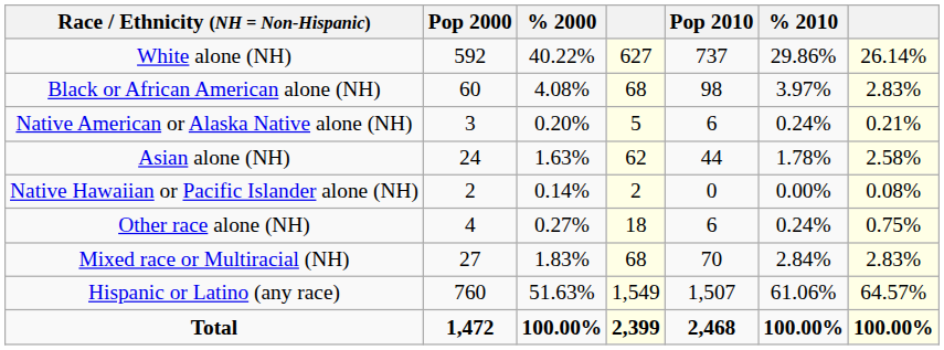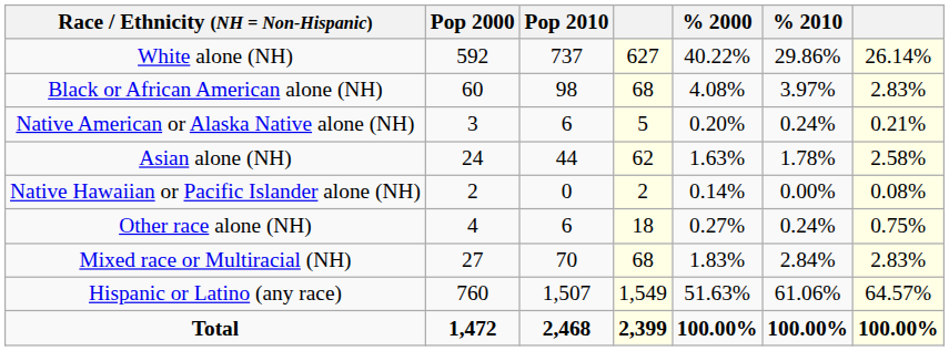 <table class="wikitable" style="text-align:center;">
 <tr>
 <th>Race / Ethnicity <small>(<em>NH = Non-Hispanic</em>)</small></th>
 <th>Pop 2000</th>
+<th>Pop 2010</th>
+<th></th>
 <th>% 2000</th>
-<th></th>
-<th>Pop 2010</th>
 <th>% 2010</th>
 <th></th>
 </tr>
 <tr>
 <td><a href='#'>White</a> alone (NH)</td>
 <td>592</td>
+<td>737</td>
+<td style='background: #ffffe6;'>627</td>
 <td>40.22%</td>
-<td style='background: #ffffe6;'>627</td>
-<td>737</td>
 <td>29.86%</td>
 <td style='background: #ffffe6;'>26.14%</td>
 </tr>
 <tr>
 <td><a href='#'>Black or African American</a> alone (NH)</td>
 <td>60</td>
+<td>98</td>
+<td style='background: #ffffe6;'>68</td>
 <td>4.08%</td>
-<td style='background: #ffffe6;'>68</td>
-<td>98</td>
 <td>3.97%</td>
 <td style='background: #ffffe6;'>2.83%</td>
 </tr>
 <tr>
 <td><a href='#'>Native American</a> or <a href='#'>Alaska Native</a> alone (NH)</td>
 <td>3</td>
+<td>6</td>
+<td style='background: #ffffe6;'>5</td>
 <td>0.20%</td>
-<td style='background: #ffffe6;'>5</td>
-<td>6</td>
 <td>0.24%</td>
 <td style='background: #ffffe6;'>0.21%</td>
 </tr>
 <tr>
 <td><a href='#'>Asian</a> alone (NH)</td>
 <td>24</td>
+<td>44</td>
+<td style='background: #ffffe6;'>62</td>
 <td>1.63%</td>
-<td style='background: #ffffe6;'>62</td>
-<td>44</td>
 <td>1.78%</td>
 <td style='background: #ffffe6;'>2.58%</td>
 </tr>
 <tr>
 <td><a href='#'>Native Hawaiian</a> or <a href='#'>Pacific Islander</a> alone (NH)</td>
 <td>2</td>
+<td>0</td>
+<td style='background: #ffffe6;'>2</td>
 <td>0.14%</td>
-<td style='background: #ffffe6;'>2</td>
-<td>0</td>
 <td>0.00%</td>
 <td style='background: #ffffe6;'>0.08%</td>
 </tr>
 <tr>
 <td><a href='#'>Other race</a> alone (NH)</td>
 <td>4</td>
+<td>6</td>
+<td style='background: #ffffe6;'>18</td>
 <td>0.27%</td>
-<td style='background: #ffffe6;'>18</td>
-<td>6</td>
 <td>0.24%</td>
 <td style='background: #ffffe6;'>0.75%</td>
 </tr>
 <tr>
 <td><a href='#'>Mixed race or Multiracial</a> (NH)</td>
 <td>27</td>
+<td>70</td>
+<td style='background: #ffffe6;'>68</td>
 <td>1.83%</td>
-<td style='background: #ffffe6;'>68</td>
-<td>70</td>
 <td>2.84%</td>
 <td style='background: #ffffe6;'>2.83%</td>
 </tr>
 <tr>
 <td><a href='#'>Hispanic or Latino</a> (any race)</td>
 <td>760</td>
+<td>1,507</td>
+<td style='background: #ffffe6;'>1,549</td>
 <td>51.63%</td>
-<td style='background: #ffffe6;'>1,549</td>
-<td>1,507</td>
 <td>61.06%</td>
 <td style='background: #ffffe6;'>64.57%</td>
 </tr>
 <tr>
 <td><strong>Total</strong></td>
 <td><strong>1,472</strong></td>
+<td><strong>2,468</strong></td>
+<td style='background: #ffffe6;'><strong>2,399</strong></td>
 <td><strong>100.00%</strong></td>
-<td style='background: #ffffe6;'><strong>2,399</strong></td>
-<td><strong>2,468</strong></td>
 <td><strong>100.00%</strong></td>
 <td style='background: #ffffe6;'><strong>100.00%</strong></td>
 </tr>
 </table>
